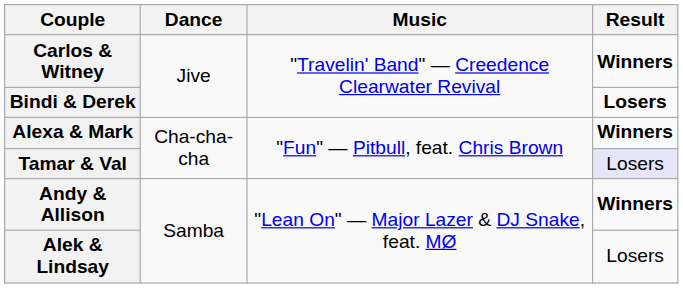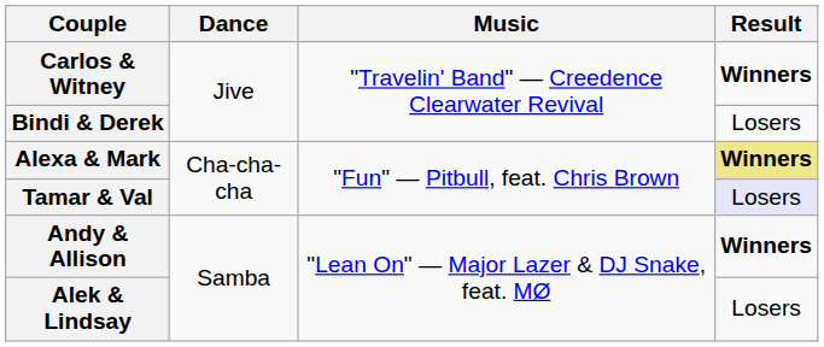 <table class="wikitable unsortable" style="text-align:center; width:90%">
 <tr>
 <th scope="col">Couple</th>
 <th scope="col">Dance</th>
 <th scope="col">Music</th>
 <th scope="col">Result</th>
 </tr>
 <tr>
 <th scope="row">Carlos & Witney</th>
 <td rowspan=2>Jive</td>
 <td rowspan=2>"<a href='#'>Travelin' Band</a>" — <a href='#'>Creedence Clearwater Revival</a></td>
 <td><strong>Winners</strong></td>
 </tr>
 <tr>
 <th scope="row">Bindi & Derek</th>
-<td><strong>Losers</strong></td>
+<td>Losers</td>
 </tr>
 <tr>
 <th scope="row">Alexa & Mark</th>
 <td rowspan=2>Cha-cha-cha</td>
 <td rowspan=2>"<a href='#'>Fun</a>" — <a href='#'>Pitbull</a>, feat. <a href='#'>Chris Brown</a></td>
-<td><strong>Winners</strong></td>
+<td style="background: khaki;"><strong>Winners</strong></td>
 </tr>
 <tr>
 <th scope="row">Tamar & Val</th>
 <td style="background: lavender;">Losers</td>
 </tr>
 <tr>
 <th scope="row">Andy & Allison</th>
 <td rowspan=2>Samba</td>
 <td rowspan=2>"<a href='#'>Lean On</a>" — <a href='#'>Major Lazer</a> & <a href='#'>DJ Snake</a>, feat. <a href='#'>MØ</a></td>
 <td><strong>Winners</strong></td>
 </tr>
 <tr>
 <th scope="row">Alek & Lindsay</th>
 <td>Losers</td>
 </tr>
 </table>
